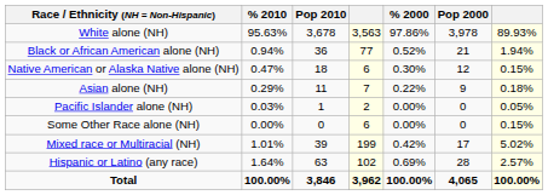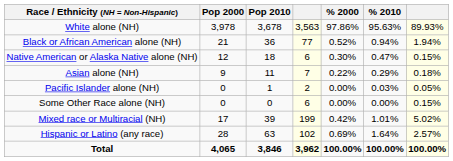 <table class="wikitable"  style="text-align:center;">
 <tr>
 <th>Race / Ethnicity <small>(<em>NH = Non-Hispanic</em>)</small></th>
-<th>% 2010</th>
+<th>Pop 2000</th>
 <th>Pop 2010</th>
 <th></th>
 <th>% 2000</th>
-<th>Pop 2000</th>
+<th>% 2010</th>
 <th></th>
 </tr>
 <tr>
 <td><a href='#'>White</a> alone (NH)</td>
-<td>95.63%</td>
+<td>3,978</td>
 <td>3,678</td>
 <td style='background: #ffffe6;'>3,563</td>
 <td>97.86%</td>
-<td>3,978</td>
+<td>95.63%</td>
 <td style='background: #ffffe6;'>89.93%</td>
 </tr>
 <tr>
 <td><a href='#'>Black or African American</a> alone (NH)</td>
-<td>0.94%</td>
+<td>21</td>
 <td>36</td>
 <td style='background: #ffffe6;'>77</td>
 <td>0.52%</td>
-<td>21</td>
+<td>0.94%</td>
 <td style='background: #ffffe6;'>1.94%</td>
 </tr>
 <tr>
 <td><a href='#'>Native American</a> or <a href='#'>Alaska Native</a> alone (NH)</td>
-<td>0.47%</td>
+<td>12</td>
 <td>18</td>
 <td style='background: #ffffe6;'>6</td>
 <td>0.30%</td>
-<td>12</td>
+<td>0.47%</td>
 <td style='background: #ffffe6;'>0.15%</td>
 </tr>
 <tr>
 <td><a href='#'>Asian</a> alone (NH)</td>
-<td>0.29%</td>
+<td>9</td>
 <td>11</td>
 <td style='background: #ffffe6;'>7</td>
 <td>0.22%</td>
-<td>9</td>
+<td>0.29%</td>
 <td style='background: #ffffe6;'>0.18%</td>
 </tr>
 <tr>
 <td><a href='#'>Pacific Islander</a> alone (NH)</td>
-<td>0.03%</td>
+<td>0</td>
 <td>1</td>
 <td style='background: #ffffe6;'>2</td>
 <td>0.00%</td>
-<td>0</td>
+<td>0.03%</td>
 <td style='background: #ffffe6;'>0.05%</td>
 </tr>
 <tr>
 <td>Some Other Race alone (NH)</td>
-<td>0.00%</td>
+<td>0</td>
 <td>0</td>
 <td style='background: #ffffe6;'>6</td>
 <td>0.00%</td>
-<td>0</td>
+<td>0.00%</td>
 <td style='background: #ffffe6;'>0.15%</td>
 </tr>
 <tr>
 <td><a href='#'>Mixed race or Multiracial</a> (NH)</td>
-<td>1.01%</td>
+<td>17</td>
 <td>39</td>
 <td style='background: #ffffe6;'>199</td>
 <td>0.42%</td>
-<td>17</td>
+<td>1.01%</td>
 <td style='background: #ffffe6;'>5.02%</td>
 </tr>
 <tr>
 <td><a href='#'>Hispanic or Latino</a> (any race)</td>
-<td>1.64%</td>
+<td>28</td>
 <td>63</td>
 <td style='background: #ffffe6;'>102</td>
 <td>0.69%</td>
-<td>28</td>
+<td>1.64%</td>
 <td style='background: #ffffe6;'>2.57%</td>
 </tr>
 <tr>
 <td><strong>Total</strong></td>
-<td><strong>100.00%</strong></td>
+<td><strong>4,065</strong></td>
 <td><strong>3,846</strong></td>
 <td style='background: #ffffe6;'><strong>3,962</strong></td>
 <td><strong>100.00%</strong></td>
-<td><strong>4,065</strong></td>
+<td><strong>100.00%</strong></td>
 <td style='background: #ffffe6;'><strong>100.00%</strong></td>
 </tr>
 </table>
